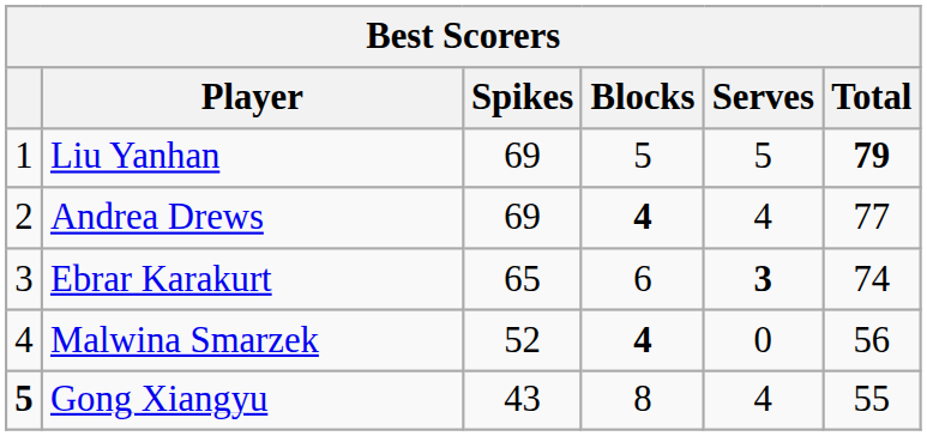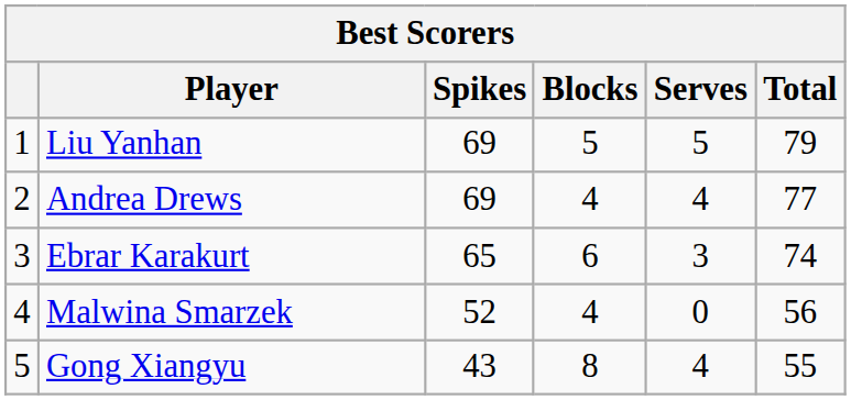 <table class="wikitable sortable" style=font-size:90%>
 <tr>
 <th colspan=6>Best Scorers</th>
 </tr>
 <tr>
 <th></th>
 <th width=158>Player</th>
 <th width=20>Spikes</th>
 <th width=20>Blocks</th>
 <th width=20>Serves</th>
 <th width=20>Total</th>
 </tr>
 <tr>
 <td>1</td>
 <td> <a href='#'>Liu Yanhan</a></td>
 <td align=center>69</td>
 <td align=center>5</td>
 <td align=center>5</td>
-<td align=center><strong>79</strong></td>
+<td align=center>79</td>
 </tr>
 <tr>
 <td>2</td>
 <td> <a href='#'>Andrea Drews</a></td>
 <td align=center>69</td>
-<td align=center><strong>4</strong></td>
+<td align=center>4</td>
 <td align=center>4</td>
 <td align=center>77</td>
 </tr>
 <tr>
 <td>3</td>
 <td> <a href='#'>Ebrar Karakurt</a></td>
 <td align=center>65</td>
 <td align=center>6</td>
-<td align=center><strong>3</strong></td>
+<td align=center>3</td>
 <td align=center>74</td>
 </tr>
 <tr>
 <td>4</td>
 <td> <a href='#'>Malwina Smarzek</a></td>
 <td align=center>52</td>
-<td align=center><strong>4</strong></td>
+<td align=center>4</td>
 <td align=center>0</td>
 <td align=center>56</td>
 </tr>
 <tr>
-<td><strong>5</strong></td>
+<td>5</td>
 <td> <a href='#'>Gong Xiangyu</a></td>
 <td align=center>43</td>
 <td align=center>8</td>
 <td align=center>4</td>
 <td align=center>55</td>
 </tr>
 </table>
